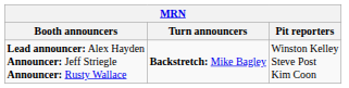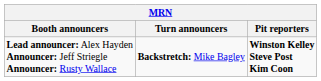 <table class="wikitable" style="font-size: 95%">
 <tr>
 <th colspan="3"><a href='#'>MRN</a></th>
 </tr>
 <tr>
 <th>Booth announcers</th>
 <th>Turn announcers</th>
 <th>Pit reporters</th>
 </tr>
 <tr>
 <td><strong>Lead announcer:</strong> Alex Hayden<br><strong>Announcer:</strong> Jeff Striegle<br><strong>Announcer:</strong> <a href='#'>Rusty Wallace</a></td>
 <td><strong>Backstretch:</strong> <a href='#'>Mike Bagley</a></td>
-<td>Winston Kelley<br>Steve Post<br>Kim Coon</td>
+<td><strong>Winston Kelley<br>Steve Post<br>Kim Coon</strong></td>
 </tr>
 </table>
